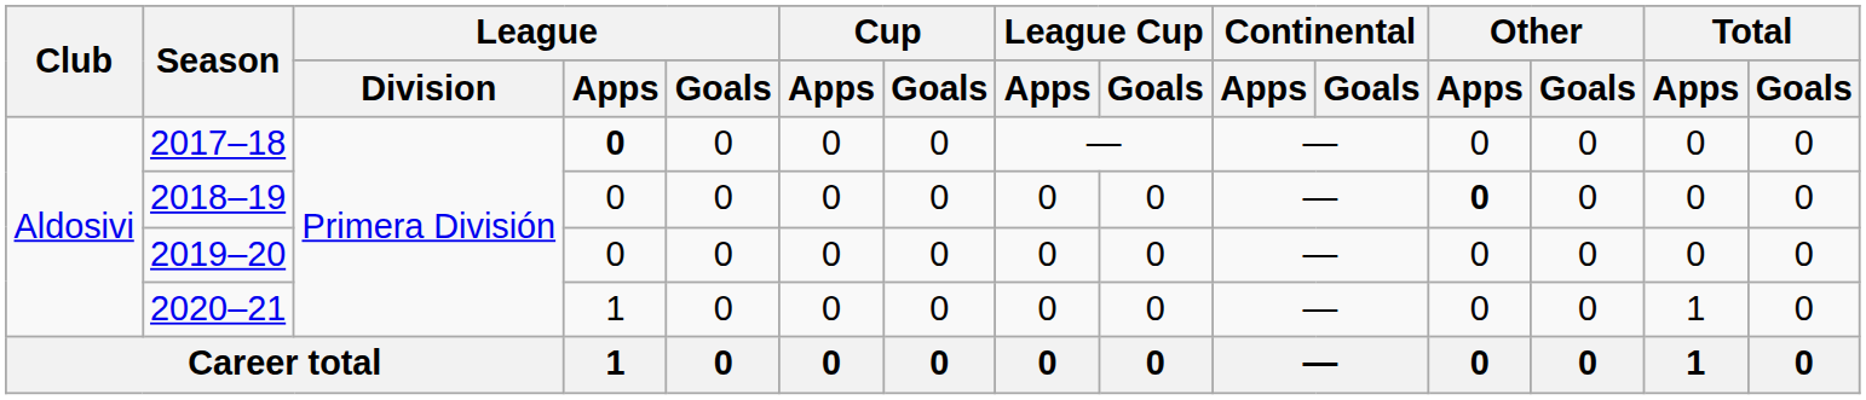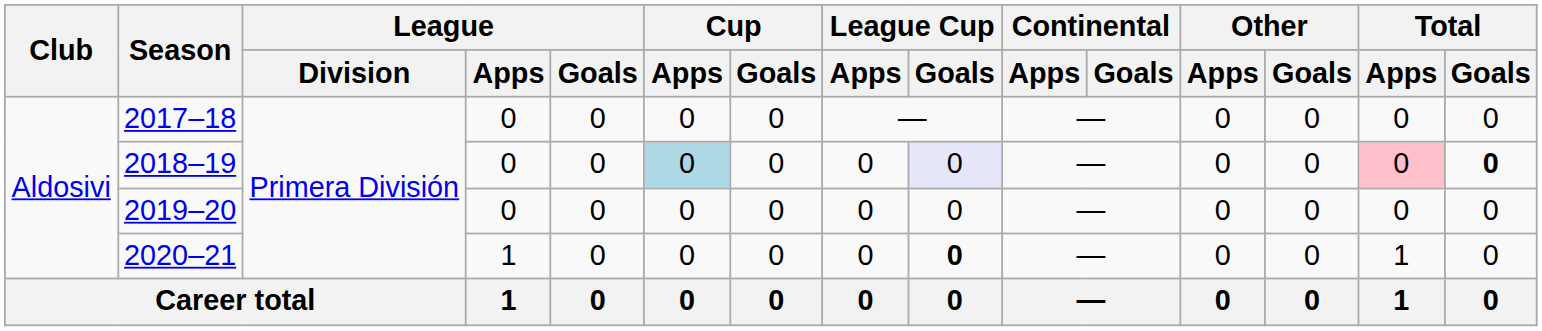 <table class="wikitable" style="text-align:center">
 <tr>
 <th rowspan="2">Club</th>
 <th rowspan="2">Season</th>
 <th colspan="3">League</th>
 <th colspan="2">Cup</th>
 <th colspan="2">League Cup</th>
 <th colspan="2">Continental</th>
 <th colspan="2">Other</th>
 <th colspan="2">Total</th>
 </tr>
 <tr>
 <th>Division</th>
 <th>Apps</th>
 <th>Goals</th>
 <th>Apps</th>
 <th>Goals</th>
 <th>Apps</th>
 <th>Goals</th>
 <th>Apps</th>
 <th>Goals</th>
 <th>Apps</th>
 <th>Goals</th>
 <th>Apps</th>
 <th>Goals</th>
 </tr>
 <tr>
 <td rowspan="4"><a href='#'>Aldosivi</a></td>
 <td><a href='#'>2017–18</a></td>
 <td rowspan="4"><a href='#'>Primera División</a></td>
-<td><strong>0</strong></td>
+<td>0</td>
 <td>0</td>
 <td>0</td>
 <td>0</td>
 <td colspan="2">—</td>
 <td colspan="2">—</td>
 <td>0</td>
 <td>0</td>
 <td>0</td>
 <td>0</td>
 </tr>
 <tr>
 <td><a href='#'>2018–19</a></td>
 <td>0</td>
 <td>0</td>
+<td style="background: lightblue;">0</td>
 <td>0</td>
 <td>0</td>
+<td style="background: lavender;">0</td>
+<td colspan="2">—</td>
 <td>0</td>
 <td>0</td>
-<td colspan="2">—</td>
+<td style="background: pink;">0</td>
 <td><strong>0</strong></td>
-<td>0</td>
-<td>0</td>
-<td>0</td>
 </tr>
 <tr>
 <td><a href='#'>2019–20</a></td>
 <td>0</td>
 <td>0</td>
 <td>0</td>
 <td>0</td>
 <td>0</td>
 <td>0</td>
 <td colspan="2">—</td>
 <td>0</td>
 <td>0</td>
 <td>0</td>
 <td>0</td>
 </tr>
 <tr>
 <td><a href='#'>2020–21</a></td>
 <td>1</td>
 <td>0</td>
 <td>0</td>
 <td>0</td>
 <td>0</td>
-<td>0</td>
+<td><strong>0</strong></td>
 <td colspan="2">—</td>
 <td>0</td>
 <td>0</td>
 <td>1</td>
 <td>0</td>
 </tr>
 <tr>
 <th colspan="3">Career total</th>
 <th>1</th>
 <th>0</th>
 <th>0</th>
 <th>0</th>
 <th>0</th>
 <th>0</th>
 <th colspan="2">—</th>
 <th>0</th>
 <th>0</th>
 <th>1</th>
 <th>0</th>
 </tr>
 </table>
